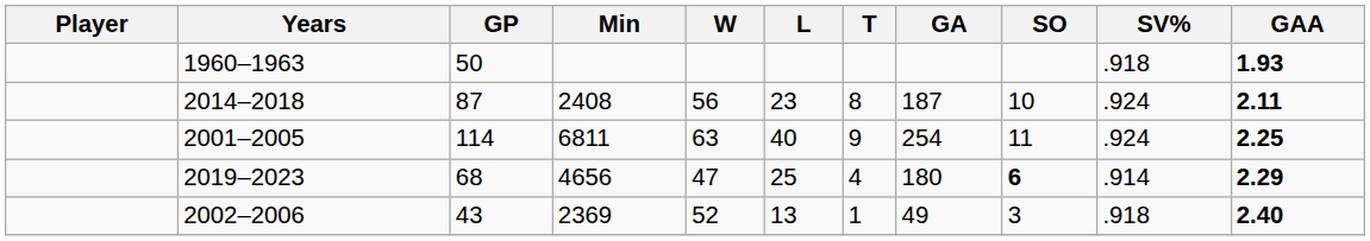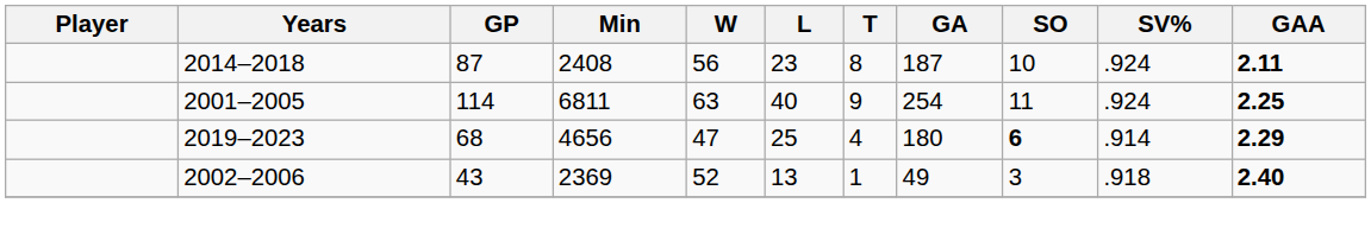 <table class="wikitable sortable" width = 900>
 <tr>
 <th>Player</th>
 <th>Years</th>
 <th>GP</th>
 <th>Min</th>
 <th>W</th>
 <th>L</th>
 <th>T</th>
 <th>GA</th>
 <th>SO</th>
 <th>SV%</th>
 <th>GAA</th>
-</tr>
-<tr>
-<td></td>
-<td>1960–1963</td>
-<td>50</td>
-<td></td>
-<td></td>
-<td></td>
-<td></td>
-<td></td>
-<td></td>
-<td>.918</td>
-<td><strong>1.93</strong></td>
 </tr>
 <tr>
 <td></td>
 <td>2014–2018</td>
 <td>87</td>
 <td>2408</td>
 <td>56</td>
 <td>23</td>
 <td>8</td>
 <td>187</td>
 <td>10</td>
 <td>.924</td>
 <td><strong>2.11</strong></td>
 </tr>
 <tr>
 <td></td>
 <td>2001–2005</td>
 <td>114</td>
 <td>6811</td>
 <td>63</td>
 <td>40</td>
 <td>9</td>
 <td>254</td>
 <td>11</td>
 <td>.924</td>
 <td><strong>2.25</strong></td>
 </tr>
 <tr>
 <td></td>
 <td>2019–2023</td>
 <td>68</td>
 <td>4656</td>
 <td>47</td>
 <td>25</td>
 <td>4</td>
 <td>180</td>
 <td><strong>6</strong></td>
 <td>.914</td>
 <td><strong>2.29</strong></td>
 </tr>
 <tr>
 <td></td>
 <td>2002–2006</td>
 <td>43</td>
 <td>2369</td>
 <td>52</td>
 <td>13</td>
 <td>1</td>
 <td>49</td>
 <td>3</td>
 <td>.918</td>
 <td><strong>2.40</strong></td>
 </tr>
 <tr>
 </tr>
 </table>
